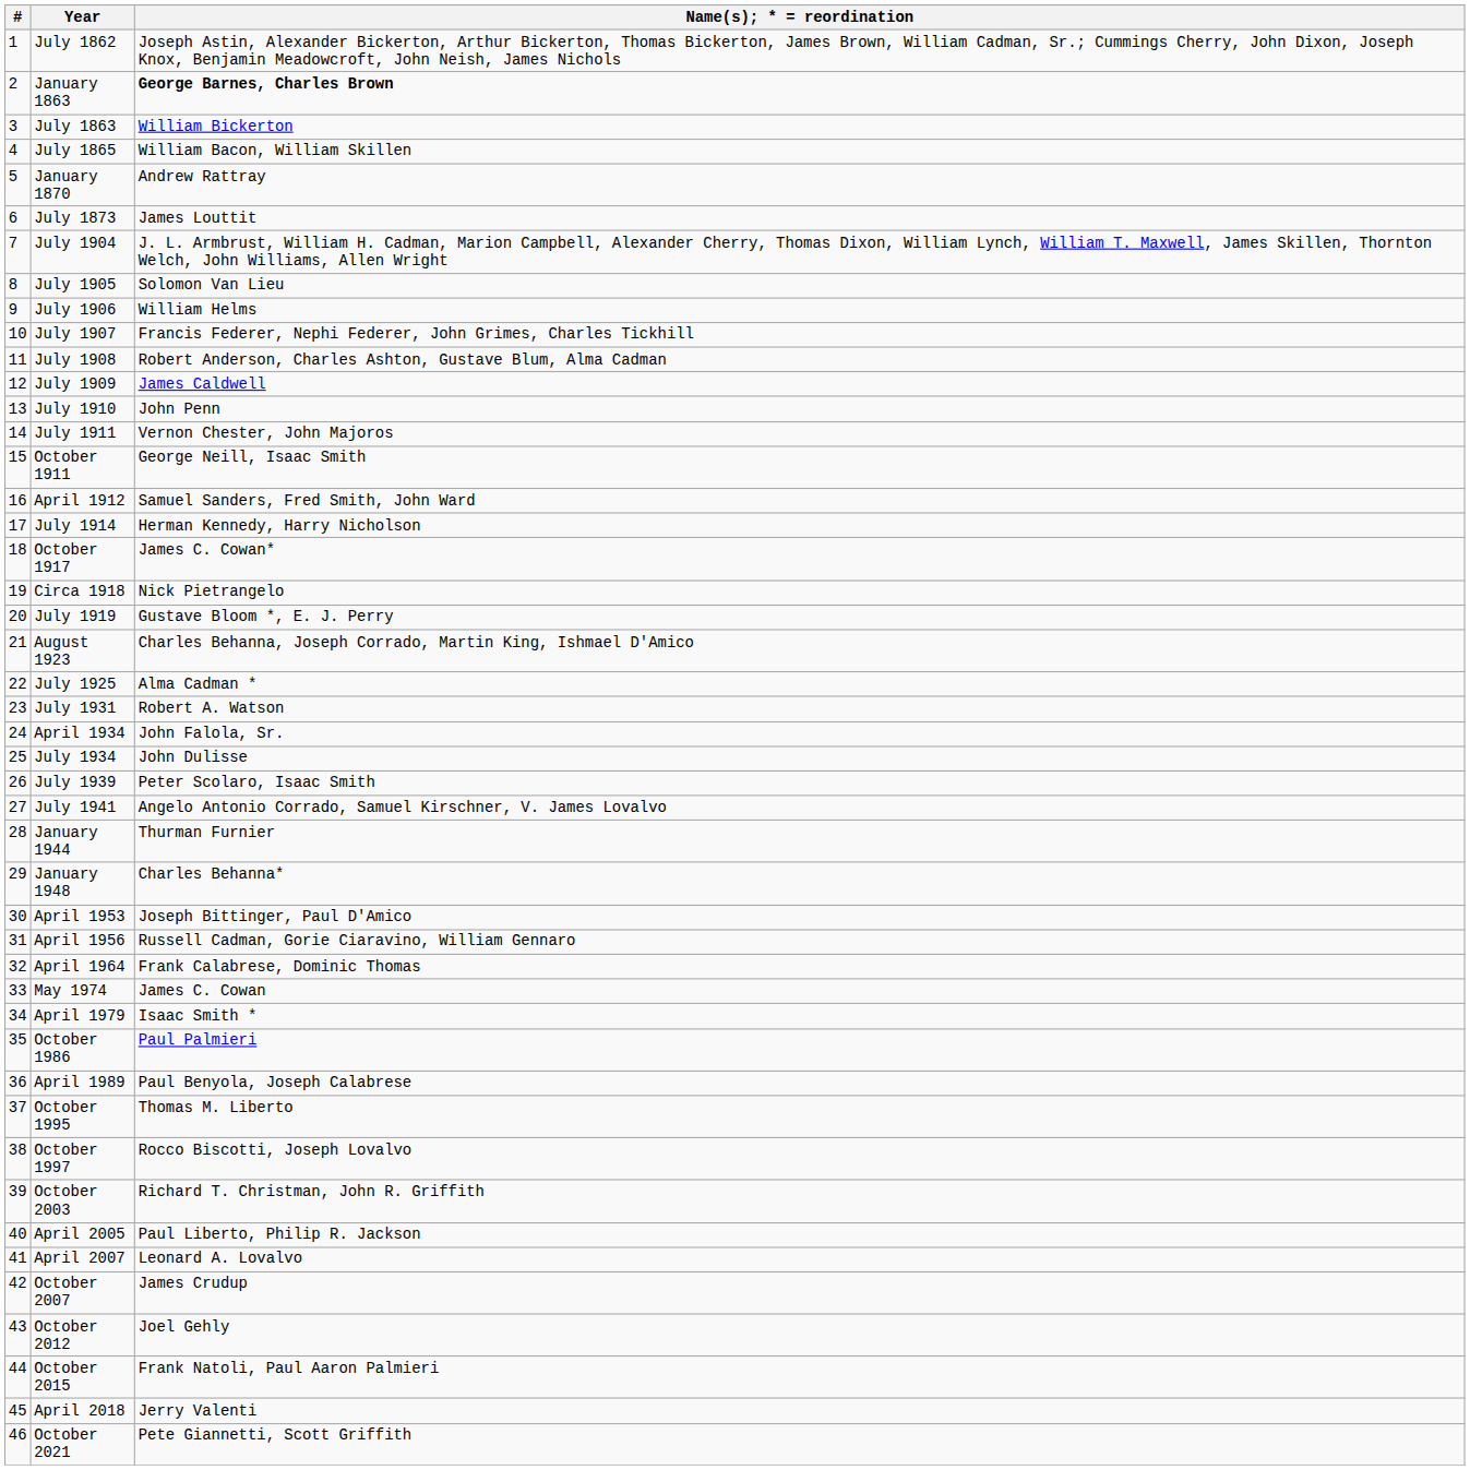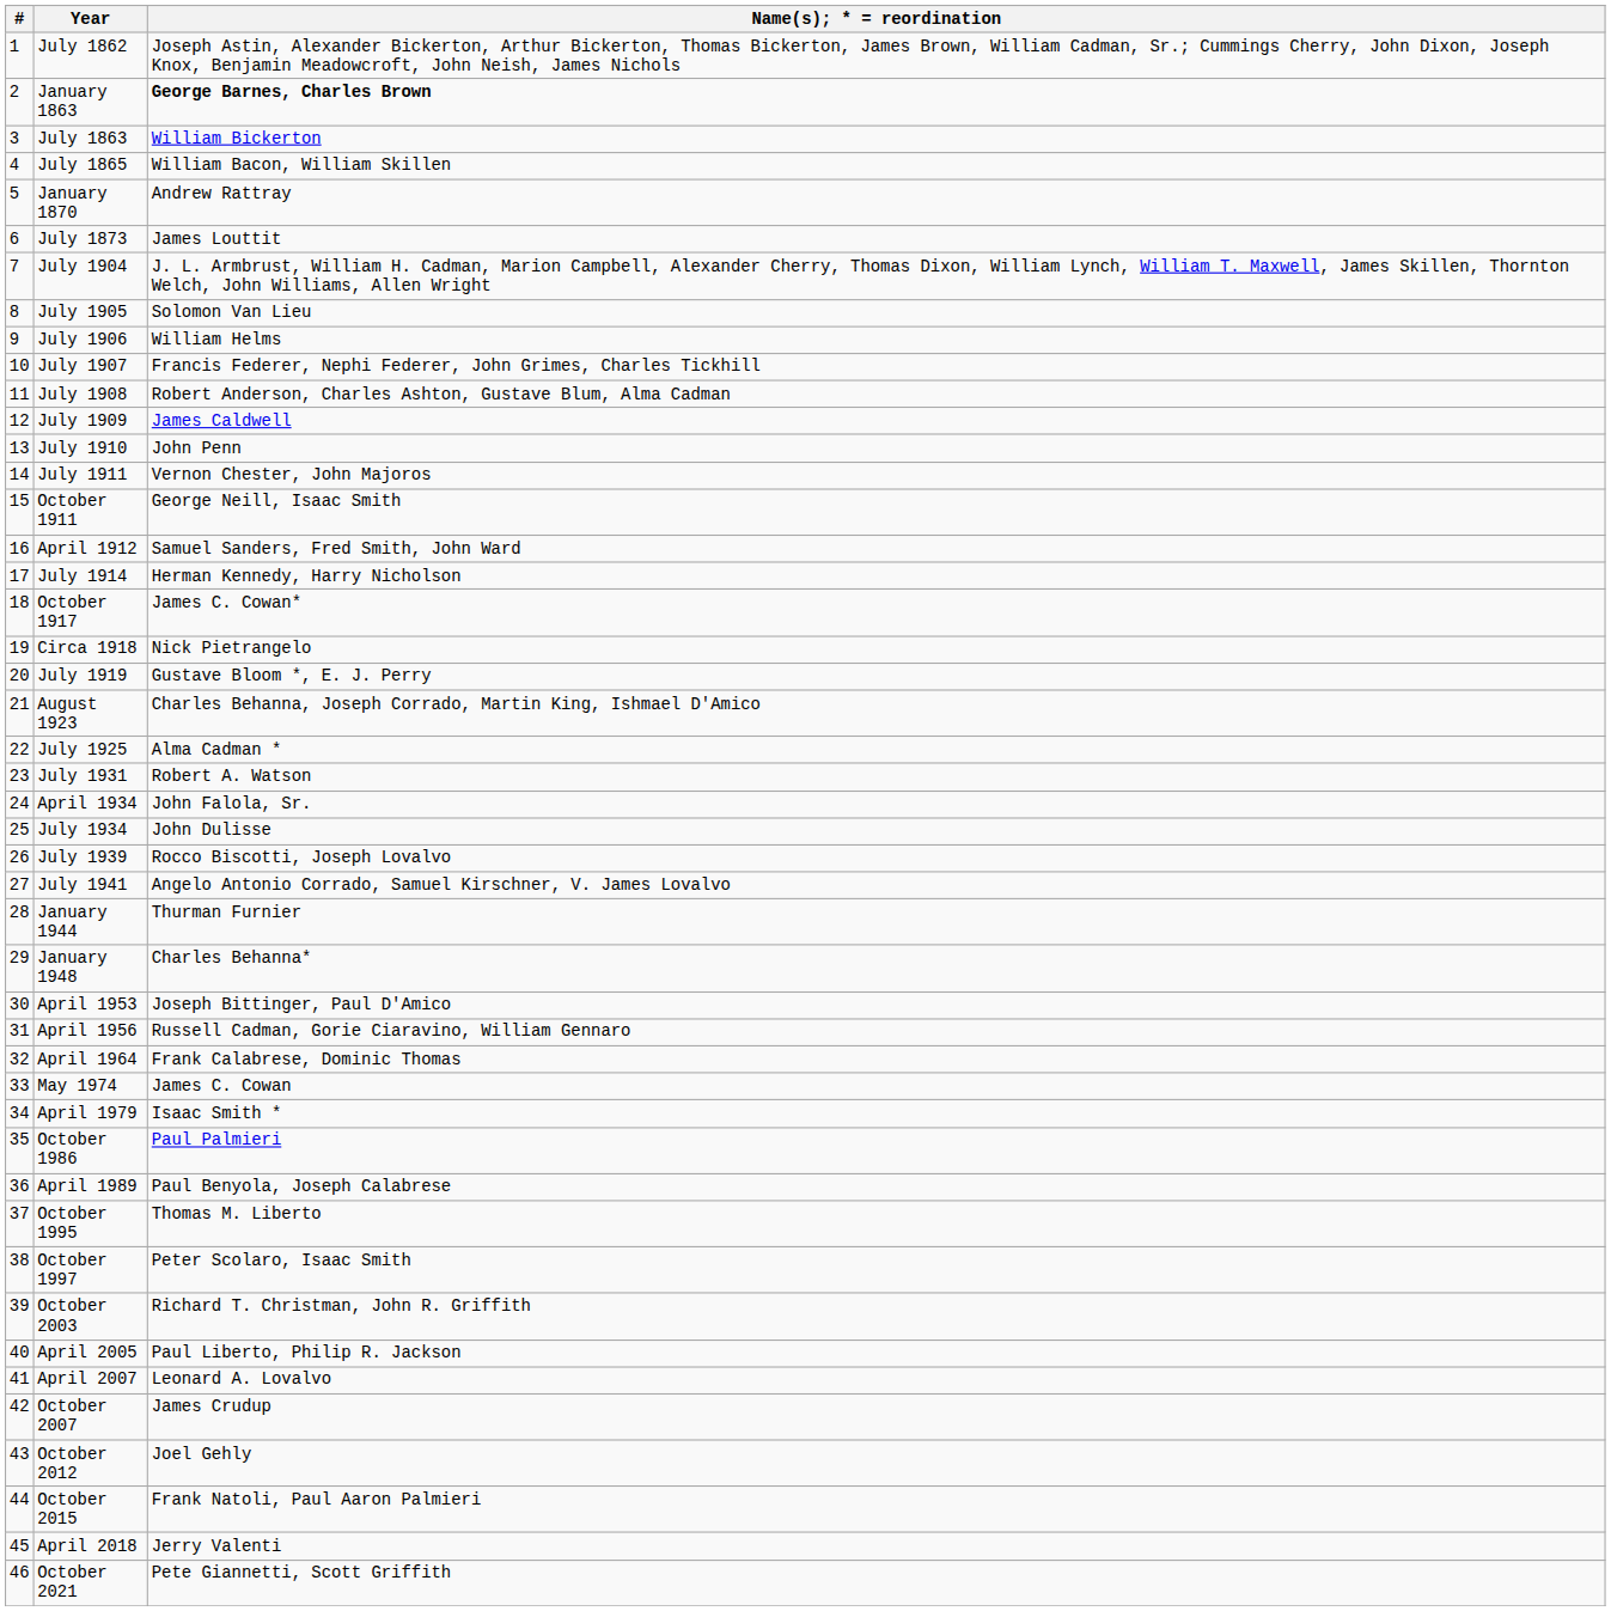 <table class="wikitable">
 <tr>
 <th>#</th>
 <th>Year</th>
 <th>Name(s); * = reordination</th>
 </tr>
 <tr valign="top">
 <td>1</td>
 <td>July 1862</td>
 <td>Joseph Astin, Alexander Bickerton, Arthur Bickerton, Thomas Bickerton, James Brown, William Cadman, Sr.; Cummings Cherry, John Dixon, Joseph Knox, Benjamin Meadowcroft, John Neish, James Nichols</td>
 </tr>
 <tr valign="top">
 <td>2</td>
 <td>January 1863</td>
 <td><strong>George Barnes, Charles Brown</strong></td>
 </tr>
 <tr valign="top">
 <td>3</td>
 <td>July 1863</td>
 <td><a href='#'>William Bickerton</a></td>
 </tr>
 <tr valign="top">
 <td>4</td>
 <td>July 1865</td>
 <td>William Bacon, William Skillen</td>
 </tr>
 <tr valign="top">
 <td>5</td>
 <td>January 1870</td>
 <td>Andrew Rattray</td>
 </tr>
 <tr valign="top">
 <td>6</td>
 <td>July 1873</td>
 <td>James Louttit</td>
 </tr>
 <tr valign="top">
 <td>7</td>
 <td>July 1904</td>
 <td>J. L. Armbrust, William H. Cadman, Marion Campbell, Alexander Cherry, Thomas Dixon, William Lynch, <a href='#'>William T. Maxwell</a>, James Skillen, Thornton Welch, John Williams, Allen Wright</td>
 </tr>
 <tr valign="top">
 <td>8</td>
 <td>July 1905</td>
 <td>Solomon Van Lieu</td>
 </tr>
 <tr valign="top">
 <td>9</td>
 <td>July 1906</td>
 <td>William Helms</td>
 </tr>
 <tr valign="top">
 <td>10</td>
 <td>July 1907</td>
 <td>Francis Federer, Nephi Federer, John Grimes, Charles Tickhill</td>
 </tr>
 <tr valign="top">
 <td>11</td>
 <td>July 1908</td>
 <td>Robert Anderson, Charles Ashton, Gustave Blum, Alma Cadman</td>
 </tr>
 <tr valign="top">
 <td>12</td>
 <td>July 1909</td>
 <td><a href='#'>James Caldwell</a></td>
 </tr>
 <tr valign="top">
 <td>13</td>
 <td>July 1910</td>
 <td>John Penn</td>
 </tr>
 <tr valign="top">
 <td>14</td>
 <td>July 1911</td>
 <td>Vernon Chester, John Majoros</td>
 </tr>
 <tr valign="top">
 <td>15</td>
 <td>October 1911</td>
 <td>George Neill, Isaac Smith</td>
 </tr>
 <tr valign="top">
 <td>16</td>
 <td>April 1912</td>
 <td>Samuel Sanders, Fred Smith, John Ward</td>
 </tr>
 <tr valign="top">
 <td>17</td>
 <td>July 1914</td>
 <td>Herman Kennedy, Harry Nicholson</td>
 </tr>
 <tr valign="top">
 <td>18</td>
 <td>October 1917</td>
 <td>James C. Cowan*</td>
 </tr>
 <tr valign="top">
 <td>19</td>
 <td>Circa 1918</td>
 <td>Nick Pietrangelo</td>
 </tr>
 <tr valign="top">
 <td>20</td>
 <td>July 1919</td>
 <td>Gustave Bloom *, E. J. Perry</td>
 </tr>
 <tr valign="top">
 <td>21</td>
 <td>August 1923</td>
 <td>Charles Behanna, Joseph Corrado, Martin King, Ishmael D'Amico</td>
 </tr>
 <tr valign="top">
 <td>22</td>
 <td>July 1925</td>
 <td>Alma Cadman *</td>
 </tr>
 <tr valign="top">
 <td>23</td>
 <td>July 1931</td>
 <td>Robert A. Watson</td>
 </tr>
 <tr valign="top">
 <td>24</td>
 <td>April 1934</td>
 <td>John Falola, Sr.</td>
 </tr>
 <tr valign="top">
 <td>25</td>
 <td>July 1934</td>
 <td>John Dulisse</td>
 </tr>
 <tr valign="top">
 <td>26</td>
 <td>July 1939</td>
-<td>Peter Scolaro, Isaac Smith</td>
+<td>Rocco Biscotti, Joseph Lovalvo</td>
 </tr>
 <tr valign="top">
 <td>27</td>
 <td>July 1941</td>
 <td>Angelo Antonio Corrado, Samuel Kirschner, V. James Lovalvo</td>
 </tr>
 <tr valign="top">
 <td>28</td>
 <td>January 1944</td>
 <td>Thurman Furnier</td>
 </tr>
 <tr valign="top">
 <td>29</td>
 <td>January 1948</td>
 <td>Charles Behanna*</td>
 </tr>
 <tr valign="top">
 <td>30</td>
 <td>April 1953</td>
 <td>Joseph Bittinger, Paul D'Amico</td>
 </tr>
 <tr valign="top">
 <td>31</td>
 <td>April 1956</td>
 <td>Russell Cadman, Gorie Ciaravino, William Gennaro</td>
 </tr>
 <tr valign="top">
 <td>32</td>
 <td>April 1964</td>
 <td>Frank Calabrese, Dominic Thomas</td>
 </tr>
 <tr valign="top">
 <td>33</td>
 <td>May 1974</td>
 <td>James C. Cowan</td>
 </tr>
 <tr valign="top">
 <td>34</td>
 <td>April 1979</td>
 <td>Isaac Smith *</td>
 </tr>
 <tr valign="top">
 <td>35</td>
 <td>October 1986</td>
 <td><a href='#'>Paul Palmieri</a></td>
 </tr>
 <tr valign="top">
 <td>36</td>
 <td>April 1989</td>
 <td>Paul Benyola, Joseph Calabrese</td>
 </tr>
 <tr valign="top">
 <td>37</td>
 <td>October 1995</td>
 <td>Thomas M. Liberto</td>
 </tr>
 <tr valign="top">
 <td>38</td>
 <td>October 1997</td>
-<td>Rocco Biscotti, Joseph Lovalvo</td>
+<td>Peter Scolaro, Isaac Smith</td>
 </tr>
 <tr valign="top">
 <td>39</td>
 <td>October 2003</td>
 <td>Richard T. Christman, John R. Griffith</td>
 </tr>
 <tr valign="top">
 <td>40</td>
 <td>April 2005</td>
 <td>Paul Liberto, Philip R. Jackson</td>
 </tr>
 <tr valign="top">
 <td>41</td>
 <td>April 2007</td>
 <td>Leonard A. Lovalvo</td>
 </tr>
 <tr valign="top">
 <td>42</td>
 <td>October 2007</td>
 <td>James Crudup</td>
 </tr>
 <tr valign="top">
 <td>43</td>
 <td>October 2012</td>
 <td>Joel Gehly</td>
 </tr>
 <tr valign="top">
 <td>44</td>
 <td>October 2015</td>
 <td>Frank Natoli, Paul Aaron Palmieri</td>
 </tr>
 <tr valign="top">
 <td>45</td>
 <td>April 2018</td>
 <td>Jerry Valenti</td>
 </tr>
 <tr valign="top">
 <td>46</td>
 <td>October 2021</td>
 <td>Pete Giannetti, Scott Griffith</td>
 </tr>
 <tr valign="top">
 </tr>
 </table>
